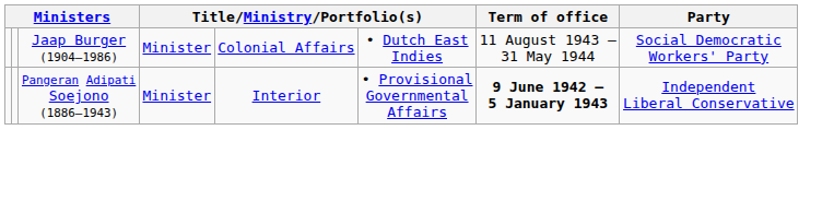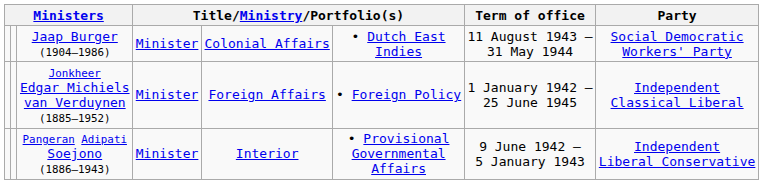 <table class="wikitable" style="text-align:center">
 <tr>
 <th colspan=3><a href='#'>Ministers</a></th>
 <th colspan=3>Title/<a href='#'>Ministry</a>/Portfolio(s)</th>
 <th>Term of office</th>
 <th>Party</th>
 </tr>
 <tr>
 <td style="background:"></td>
 <td></td>
 <td><a href='#'>Jaap Burger</a> <br> <small>(1904–1986)</small></td>
 <td><a href='#'>Minister</a></td>
 <td><a href='#'>Colonial Affairs</a></td>
 <td>• <a href='#'>Dutch East <br> Indies</a></td>
 <td>11 August 1943 – <br> 31 May 1944 <br> </td>
 <td><a href='#'>Social Democratic <br> Workers' Party</a></td>
 </tr>
 <tr>
 <td style="background:"></td>
 <td></td>
+<td><small><a href='#'>Jonkheer</a></small> <br> <a href='#'>Edgar Michiels <br> van Verduynen</a> <br> <small>(1885–1952)</small></td>
+<td><a href='#'>Minister</a></td>
+<td><a href='#'>Foreign Affairs</a></td>
+<td>• <a href='#'>Foreign Policy</a></td>
+<td>1 January 1942 – <br> 25 June 1945 <br> </td>
+<td><a href='#'>Independent</a> <br> <a href='#'>Classical Liberal</a></td>
+</tr>
+<tr>
+<td style="background:"></td>
+<td></td>
 <td><small><a href='#'>Pangeran</a> <a href='#'>Adipati</a></small> <br> <a href='#'>Soejono</a> <br> <small>(1886–1943)</small></td>
 <td><a href='#'>Minister</a></td>
 <td><a href='#'>Interior</a></td>
 <td>• <a href='#'>Provisional <br> Governmental <br> Affairs</a></td>
-<td><strong>9 June 1942 – <br> 5 January 1943 <br> </strong></td>
+<td>9 June 1942 – <br> 5 January 1943 <br> </td>
 <td><a href='#'>Independent</a> <br> <a href='#'>Liberal Conservative</a></td>
 </tr>
 </table>
